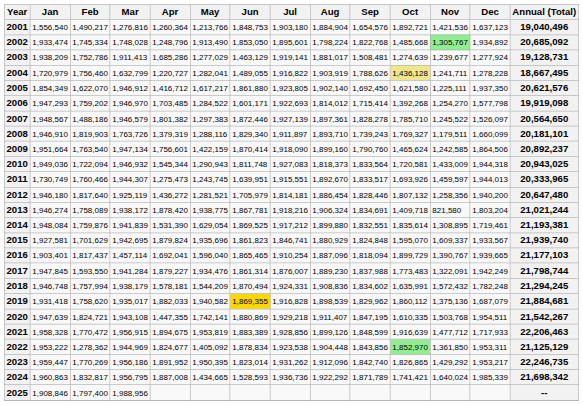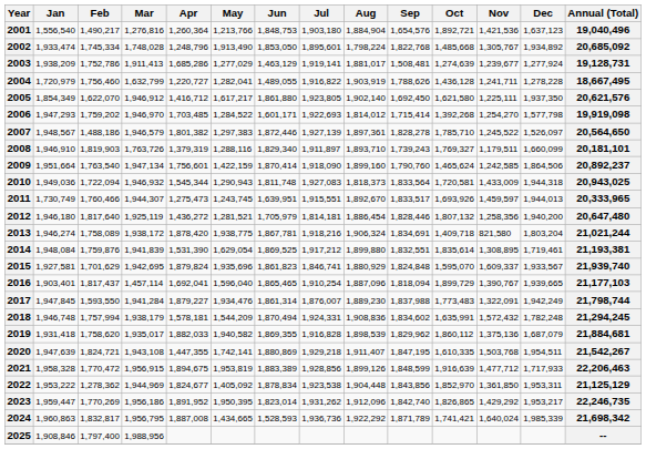 <table class="wikitable">
 <tr>
 <th>Year</th>
 <th>Jan</th>
 <th>Feb</th>
 <th>Mar</th>
 <th>Apr</th>
 <th>May</th>
 <th>Jun</th>
 <th>Jul</th>
 <th>Aug</th>
 <th>Sep</th>
 <th>Oct</th>
 <th>Nov</th>
 <th>Dec</th>
 <th>Annual (Total)</th>
 </tr>
 <tr>
 <th>2001</th>
 <td><small>1,556,540</small></td>
 <td><small>1,490,217</small></td>
 <td><small>1,276,816</small></td>
 <td><small>1,260,364</small></td>
 <td><small>1,213,766</small></td>
 <td><small>1,848,753</small></td>
 <td><small>1,903,180</small></td>
 <td><small>1,884,904</small></td>
 <td><small>1,654,576</small></td>
 <td><small>1,892,721</small></td>
 <td><small>1,421,536</small></td>
 <td><small>1,637,123</small></td>
 <th>19,040,496</th>
 </tr>
 <tr>
 <th>2002</th>
 <td><small>1,933,474</small></td>
 <td><small>1,745,334</small></td>
 <td><small>1,748,028</small></td>
 <td><small>1,248,796</small></td>
 <td><small>1,913,490</small></td>
 <td><small>1,853,050</small></td>
 <td><small>1,895,601</small></td>
 <td><small>1,798,224</small></td>
 <td><small>1,822,768</small></td>
 <td><small>1,485,668</small></td>
-<td style="background: lightgreen;"><small>1,305,767</small></td>
+<td><small>1,305,767</small></td>
 <td><small>1,934,892</small></td>
 <th>20,685,092</th>
 </tr>
 <tr>
 <th>2003</th>
 <td><small>1,938,209</small></td>
 <td><small>1,752,786</small></td>
 <td><small>1,911,413</small></td>
 <td><small>1,685,286</small></td>
 <td><small>1,277,029</small></td>
 <td><small>1,463,129</small></td>
 <td><small>1,919,141</small></td>
 <td><small>1,881,017</small></td>
 <td><small>1,508,481</small></td>
 <td><small>1,274,639</small></td>
 <td><small>1,239,677</small></td>
 <td><small>1,277,924</small></td>
 <th>19,128,731</th>
 </tr>
 <tr>
 <th>2004</th>
 <td><small>1,720,979</small></td>
 <td><small>1,756,460</small></td>
 <td><small>1,632,799</small></td>
 <td><small>1,220,727</small></td>
 <td><small>1,282,041</small></td>
 <td><small>1,489,055</small></td>
 <td><small>1,916,822</small></td>
 <td><small>1,903,919</small></td>
 <td><small>1,788,626</small></td>
-<td style="background: khaki;"><small>1,436,128</small></td>
+<td><small>1,436,128</small></td>
 <td><small>1,241,711</small></td>
 <td><small>1,278,228</small></td>
 <th>18,667,495</th>
 </tr>
 <tr>
 <th>2005</th>
 <td><small>1,854,349</small></td>
 <td><small>1,622,070</small></td>
 <td><small>1,946,912</small></td>
 <td><small>1,416,712</small></td>
 <td><small>1,617,217</small></td>
 <td><small>1,861,880</small></td>
 <td><small>1,923,805</small></td>
 <td><small>1,902,140</small></td>
 <td><small>1,692,450</small></td>
 <td><small>1,621,580</small></td>
 <td><small>1,225,111</small></td>
 <td><small>1,937,350</small></td>
 <th>20,621,576</th>
 </tr>
 <tr>
 <th>2006</th>
 <td><small>1,947,293</small></td>
 <td><small>1,759,202</small></td>
 <td><small>1,946,970</small></td>
 <td><small>1,703,485</small></td>
 <td><small>1,284,522</small></td>
 <td><small>1,601,171</small></td>
 <td><small>1,922,693</small></td>
 <td><small>1,814,012</small></td>
 <td><small>1,715,414</small></td>
 <td><small>1,392,268</small></td>
 <td><small>1,254,270</small></td>
 <td><small>1,577,798</small></td>
 <th>19,919,098</th>
 </tr>
 <tr>
 <th>2007</th>
 <td><small>1,948,567</small></td>
 <td><small>1,488,186</small></td>
 <td><small>1,946,579</small></td>
 <td><small>1,801,382</small></td>
 <td><small>1,297,383</small></td>
 <td><small>1,872,446</small></td>
 <td><small>1,927,139</small></td>
 <td><small>1,897,361</small></td>
 <td><small>1,828,278</small></td>
 <td><small>1,785,710</small></td>
 <td><small>1,245,522</small></td>
 <td><small>1,526,097</small></td>
 <th>20,564,650</th>
 </tr>
 <tr>
 <th>2008</th>
 <td><small>1,946,910</small></td>
 <td><small>1,819,903</small></td>
 <td><small>1,763,726</small></td>
 <td><small>1,379,319</small></td>
 <td><small>1,288,116</small></td>
 <td><small>1,829,340</small></td>
 <td><small>1,911,897</small></td>
 <td><small>1,893,710</small></td>
 <td><small>1,739,243</small></td>
 <td><small>1,769,327</small></td>
 <td><small>1,179,511</small></td>
 <td><small>1,660,099</small></td>
 <th>20,181,101</th>
 </tr>
 <tr>
 <th>2009</th>
 <td><small>1,951,664</small></td>
 <td><small>1,763,540</small></td>
 <td><small>1,947,134</small></td>
 <td><small>1,756,601</small></td>
 <td><small>1,422,159</small></td>
 <td><small>1,870,414</small></td>
 <td><small>1,918,090</small></td>
 <td><small>1,899,160</small></td>
 <td><small>1,790,760</small></td>
 <td><small>1,465,624</small></td>
 <td><small>1,242,585</small></td>
 <td><small>1,864,506</small></td>
 <th>20,892,237</th>
 </tr>
 <tr>
 <th>2010</th>
 <td><small>1,949,036</small></td>
 <td><small>1,722,094</small></td>
 <td><small>1,946,932</small></td>
 <td><small>1,545,344</small></td>
 <td><small>1,290,943</small></td>
 <td><small>1,811,748</small></td>
 <td><small>1,927,083</small></td>
 <td><small>1,818,373</small></td>
 <td><small>1,833,564</small></td>
 <td><small>1,720,581</small></td>
 <td><small>1,433,009</small></td>
 <td><small>1,944,318</small></td>
 <th>20,943,025</th>
 </tr>
 <tr>
 <th>2011</th>
 <td><small>1,730,749</small></td>
 <td><small>1,760,466</small></td>
 <td><small>1,944,307</small></td>
 <td><small>1,275,473</small></td>
 <td><small>1,243,745</small></td>
 <td><small>1,639,951</small></td>
 <td><small>1,915,551</small></td>
 <td><small>1,892,670</small></td>
 <td><small>1,833,517</small></td>
 <td><small>1,693,926</small></td>
 <td><small>1,459,597</small></td>
 <td><small>1,944,013</small></td>
 <th>20,333,965</th>
 </tr>
 <tr>
 <th>2012</th>
 <td><small>1,946,180</small></td>
 <td><small>1,817,640</small></td>
 <td><small>1,925,119</small></td>
 <td><small>1,436,272</small></td>
 <td><small>1,281,521</small></td>
 <td><small>1,705,979</small></td>
 <td><small>1,814,181</small></td>
 <td><small>1,886,454</small></td>
 <td><small>1,828,446</small></td>
 <td><small>1,807,132</small></td>
 <td><small>1,258,356</small></td>
 <td><small>1,940,200</small></td>
 <th>20,647,480</th>
 </tr>
 <tr>
 <th>2013</th>
 <td><small>1,946,274</small></td>
 <td><small>1,758,089</small></td>
 <td><small>1,938,172</small></td>
 <td><small>1,878,420</small></td>
 <td><small>1,938,775</small></td>
 <td><small>1,867,781</small></td>
 <td><small>1,918,216</small></td>
 <td><small>1,906,324</small></td>
 <td><small>1,834,691</small></td>
 <td><small>1,409,718</small></td>
 <td><small>821,580</small></td>
 <td><small>1,803,204</small></td>
 <th>21,021,244</th>
 </tr>
 <tr>
 <th>2014</th>
 <td><small>1,948,084</small></td>
 <td><small>1,759,876</small></td>
 <td><small>1,941,839</small></td>
 <td><small>1,531,390</small></td>
 <td><small>1,629,054</small></td>
 <td><small>1,869,525</small></td>
 <td><small>1,917,212</small></td>
 <td><small>1,899,880</small></td>
 <td><small>1,832,551</small></td>
 <td><small>1,835,614</small></td>
 <td><small>1,308,895</small></td>
 <td><small>1,719,461</small></td>
 <th>21,193,381</th>
 </tr>
 <tr>
 <th>2015</th>
 <td><small>1,927,581</small></td>
 <td><small>1,701,629</small></td>
 <td><small>1,942,695</small></td>
 <td><small>1,879,824</small></td>
 <td><small>1,935,696</small></td>
 <td><small>1,861,823</small></td>
 <td><small>1,846,741</small></td>
 <td><small>1,880,929</small></td>
 <td><small>1,824,848</small></td>
 <td><small>1,595,070</small></td>
 <td><small>1,609,337</small></td>
 <td><small>1,933,567</small></td>
 <th>21,939,740</th>
 </tr>
 <tr>
 <th>2016</th>
 <td><small>1,903,401</small></td>
 <td><small>1,817,437</small></td>
 <td><small>1,457,114</small></td>
 <td><small>1,692,041</small></td>
 <td><small>1,596,040</small></td>
 <td><small>1,865,465</small></td>
 <td><small>1,910,254</small></td>
 <td><small>1,887,096</small></td>
 <td><small>1,818,094</small></td>
 <td><small>1,899,729</small></td>
 <td><small>1,390,767</small></td>
 <td><small>1,939,665</small></td>
 <th>21,177,103</th>
 </tr>
 <tr>
 <th>2017</th>
 <td><small>1,947,845</small></td>
 <td><small>1,593,550</small></td>
 <td><small>1,941,284</small></td>
 <td><small>1,879,227</small></td>
 <td><small>1,934,476</small></td>
 <td><small>1,861,314</small></td>
 <td><small>1,876,007</small></td>
 <td><small>1,889,230</small></td>
 <td><small>1,837,988</small></td>
 <td><small>1,773,483</small></td>
 <td><small>1,322,091</small></td>
 <td><small>1,942,249</small></td>
 <th>21,798,744</th>
 </tr>
 <tr>
 <th>2018</th>
 <td><small>1,946,748</small></td>
 <td><small>1,757,994</small></td>
 <td><small>1,938,179</small></td>
 <td><small>1,578,181</small></td>
 <td><small>1,544,209</small></td>
 <td><small>1,870,494</small></td>
 <td><small>1,924,331</small></td>
 <td><small>1,908,836</small></td>
 <td><small>1,834,602</small></td>
 <td><small>1,635,991</small></td>
 <td><small>1,572,432</small></td>
 <td><small>1,782,248</small></td>
 <th>21,294,245</th>
 </tr>
 <tr>
 <th>2019</th>
 <td><small>1,931,418</small></td>
 <td><small>1,758,620</small></td>
 <td><small>1,935,017</small></td>
 <td><small>1,882,033</small></td>
 <td><small>1,940,582</small></td>
-<td style="background: gold;"><small>1,869,355</small></td>
+<td><small>1,869,355</small></td>
 <td><small>1,916,828</small></td>
 <td><small>1,898,539</small></td>
 <td><small>1,829,962</small></td>
 <td><small>1,860,112</small></td>
 <td><small>1,375,136</small></td>
 <td><small>1,687,079</small></td>
 <th>21,884,681</th>
 </tr>
 <tr>
 <th>2020</th>
 <td><small>1,947,639</small></td>
 <td><small>1,824,721</small></td>
 <td><small>1,943,108</small></td>
 <td><small>1,447,355</small></td>
 <td><small>1,742,141</small></td>
 <td><small>1,880,869</small></td>
 <td><small>1,929,218</small></td>
 <td><small>1,911,407</small></td>
 <td><small>1,847,195</small></td>
 <td><small>1,610,335</small></td>
 <td><small>1,503,768</small></td>
 <td><small>1,954,511</small></td>
 <th>21,542,267</th>
 </tr>
 <tr>
 <th>2021</th>
 <td><small>1,958,328</small></td>
 <td><small>1,770,472</small></td>
 <td><small>1,956,915</small></td>
 <td><small>1,894,675</small></td>
 <td><small>1,953,819</small></td>
 <td><small>1,883,389</small></td>
 <td><small>1,928,856</small></td>
 <td><small>1,899,126</small></td>
 <td><small>1,848,599</small></td>
 <td><small>1,916,639</small></td>
 <td><small>1,477,712</small></td>
 <td><small>1,717,933</small></td>
 <th>22,206,463</th>
 </tr>
 <tr>
 <th>2022</th>
 <td><small>1,953,222</small></td>
 <td><small>1,278,362</small></td>
 <td><small>1,944,969</small></td>
 <td><small>1,824,677</small></td>
 <td><small>1,405,092</small></td>
 <td><small>1,878,834</small></td>
 <td><small>1,923,538</small></td>
 <td><small>1,904,448</small></td>
 <td><small>1,843,856</small></td>
-<td style="background: lightgreen;"><small>1,852,970</small></td>
+<td><small>1,852,970</small></td>
 <td><small>1,361,850</small></td>
 <td><small>1,953,311</small></td>
 <th>21,125,129</th>
 </tr>
 <tr>
 <th>2023</th>
 <td><small>1,959,447</small></td>
 <td><small>1,770,269</small></td>
 <td><small>1,956,186</small></td>
 <td><small>1,891,952</small></td>
 <td><small>1,950,395</small></td>
 <td><small>1,823,014</small></td>
 <td><small>1,931,262</small></td>
 <td><small>1,912,096</small></td>
 <td><small>1,842,740</small></td>
 <td><small>1,826,865</small></td>
 <td><small>1,429,292</small></td>
 <td><small>1,953,217</small></td>
 <th>22,246,735</th>
 </tr>
 <tr>
 <th>2024</th>
 <td><small>1,960,863</small></td>
 <td><small>1,832,817</small></td>
 <td><small>1,956,795</small></td>
 <td><small>1,887,008</small></td>
 <td><small>1,434,665</small></td>
 <td><small>1,528,593</small></td>
 <td><small>1,936,736</small></td>
 <td><small>1,922,292</small></td>
 <td><small>1,871,789</small></td>
 <td><small>1,741,421</small></td>
 <td><small>1,640,024</small></td>
 <td><small>1,985,339</small></td>
 <th>21,698,342</th>
 </tr>
 <tr>
 <th>2025</th>
 <td><small>1,908,846</small></td>
 <td><small>1,797,400</small></td>
 <td><small>1,988,956</small></td>
 <td><small></small></td>
 <td><small></small></td>
 <td><small></small></td>
 <td><small></small></td>
 <td><small></small></td>
 <td><small></small></td>
 <td><small></small></td>
 <td><small></small></td>
 <td><small></small></td>
 <th>--</th>
 </tr>
 <tr>
 </tr>
 </table>
